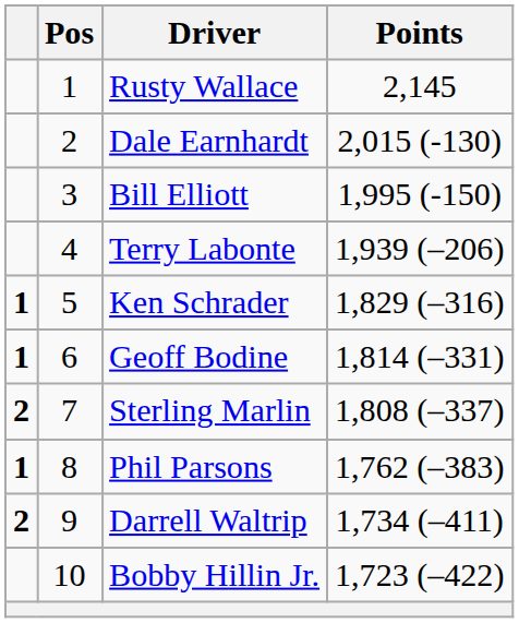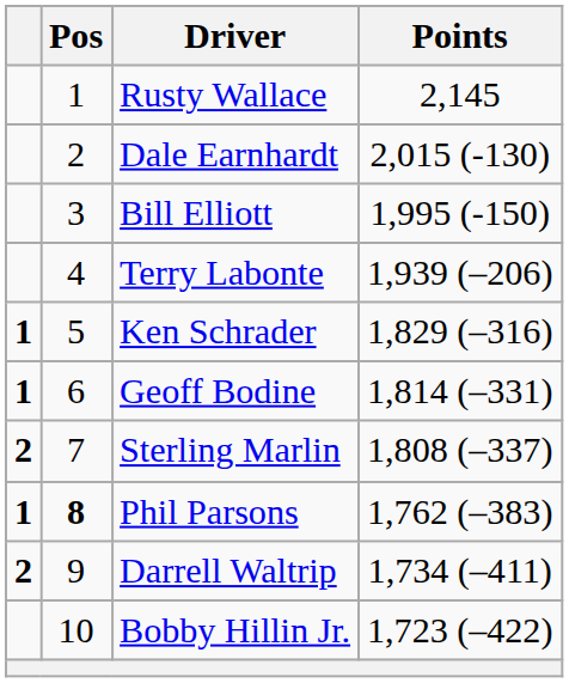 <table class="wikitable" style="font-size: 95%;">
 <tr>
 <th></th>
 <th>Pos</th>
 <th>Driver</th>
 <th>Points</th>
 </tr>
 <tr>
 <td align="left"></td>
 <td style="text-align:center;">1</td>
 <td><a href='#'>Rusty Wallace</a></td>
 <td style="text-align:center;">2,145</td>
 </tr>
 <tr>
 <td align="left"></td>
 <td style="text-align:center;">2</td>
 <td><a href='#'>Dale Earnhardt</a></td>
 <td style="text-align:center;">2,015 (-130)</td>
 </tr>
 <tr>
 <td align="left"></td>
 <td style="text-align:center;">3</td>
 <td><a href='#'>Bill Elliott</a></td>
 <td style="text-align:center;">1,995 (-150)</td>
 </tr>
 <tr>
 <td align="left"></td>
 <td style="text-align:center;">4</td>
 <td><a href='#'>Terry Labonte</a></td>
 <td style="text-align:center;">1,939 (–206)</td>
 </tr>
 <tr>
 <td align="left">  <strong>1</strong></td>
 <td style="text-align:center;">5</td>
 <td><a href='#'>Ken Schrader</a></td>
 <td style="text-align:center;">1,829 (–316)</td>
 </tr>
 <tr>
 <td align="left">  <strong>1</strong></td>
 <td style="text-align:center;">6</td>
 <td><a href='#'>Geoff Bodine</a></td>
 <td style="text-align:center;">1,814 (–331)</td>
 </tr>
 <tr>
 <td align="left">  <strong>2</strong></td>
 <td style="text-align:center;">7</td>
 <td><a href='#'>Sterling Marlin</a></td>
 <td style="text-align:center;">1,808 (–337)</td>
 </tr>
 <tr>
 <td align="left">  <strong>1</strong></td>
-<td style="text-align:center;">8</td>
+<td style="text-align:center;"><strong>8</strong></td>
 <td><a href='#'>Phil Parsons</a></td>
 <td style="text-align:center;">1,762 (–383)</td>
 </tr>
 <tr>
 <td align="left">  <strong>2</strong></td>
 <td style="text-align:center;">9</td>
 <td><a href='#'>Darrell Waltrip</a></td>
 <td style="text-align:center;">1,734 (–411)</td>
 </tr>
 <tr>
 <td align="left"></td>
 <td style="text-align:center;">10</td>
 <td><a href='#'>Bobby Hillin Jr.</a></td>
 <td style="text-align:center;">1,723 (–422)</td>
 </tr>
 <tr class="sortbottom">
 <th colspan="9"></th>
 </tr>
 </table>
